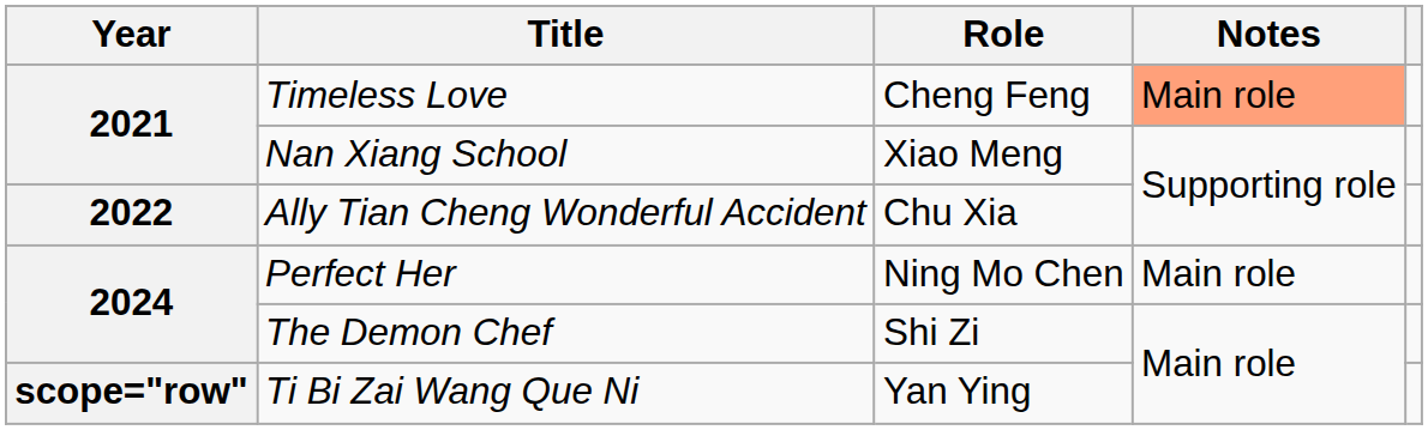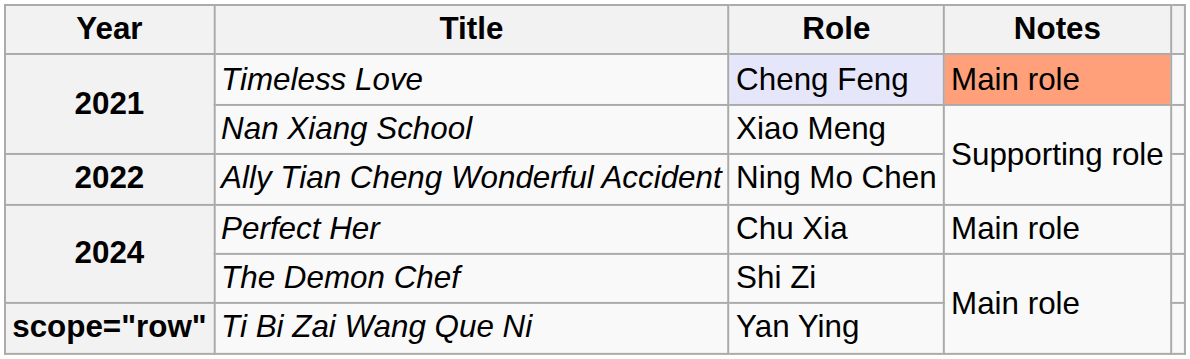 <table class="wikitable plainrowheaders sortable">
 <tr>
 <th scope="col">Year</th>
 <th scope="col">Title</th>
 <th scope="col">Role</th>
 <th scope="col">Notes</th>
 <th class="unsortable" scope="col"></th>
 </tr>
 <tr>
 <th scope="row" rowspan="2">2021</th>
 <td><em>Timeless Love</em></td>
-<td>Cheng Feng</td>
+<td style="background: lavender;">Cheng Feng</td>
 <td style="background: lightsalmon;">Main role</td>
 <td style="text-align:center"></td>
 </tr>
 <tr>
 <td><em>Nan Xiang School</em></td>
 <td>Xiao Meng</td>
 <td rowspan="2">Supporting role</td>
 <td style="text-align:center"></td>
 </tr>
 <tr>
 <th scope="row">2022</th>
 <td><em>Ally Tian Cheng Wonderful Accident</em></td>
-<td>Chu Xia</td>
+<td>Ning Mo Chen</td>
 <td style="text-align:center"></td>
 </tr>
 <tr>
 <th scope="row" rowspan="2">2024</th>
 <td><em>Perfect Her</em></td>
-<td>Ning Mo Chen</td>
+<td>Chu Xia</td>
 <td>Main role</td>
 <td style="text-align:center"></td>
 </tr>
 <tr>
 <td><em>The Demon Chef</em></td>
 <td>Shi Zi</td>
 <td rowspan="2">Main role</td>
 <td style="text-align:center"></td>
 </tr>
 <tr>
 <th>scope="row" </th>
 <td><em>Ti Bi Zai Wang Que Ni</em></td>
 <td>Yan Ying</td>
 <td style="text-align:center"></td>
 </tr>
 </table>
